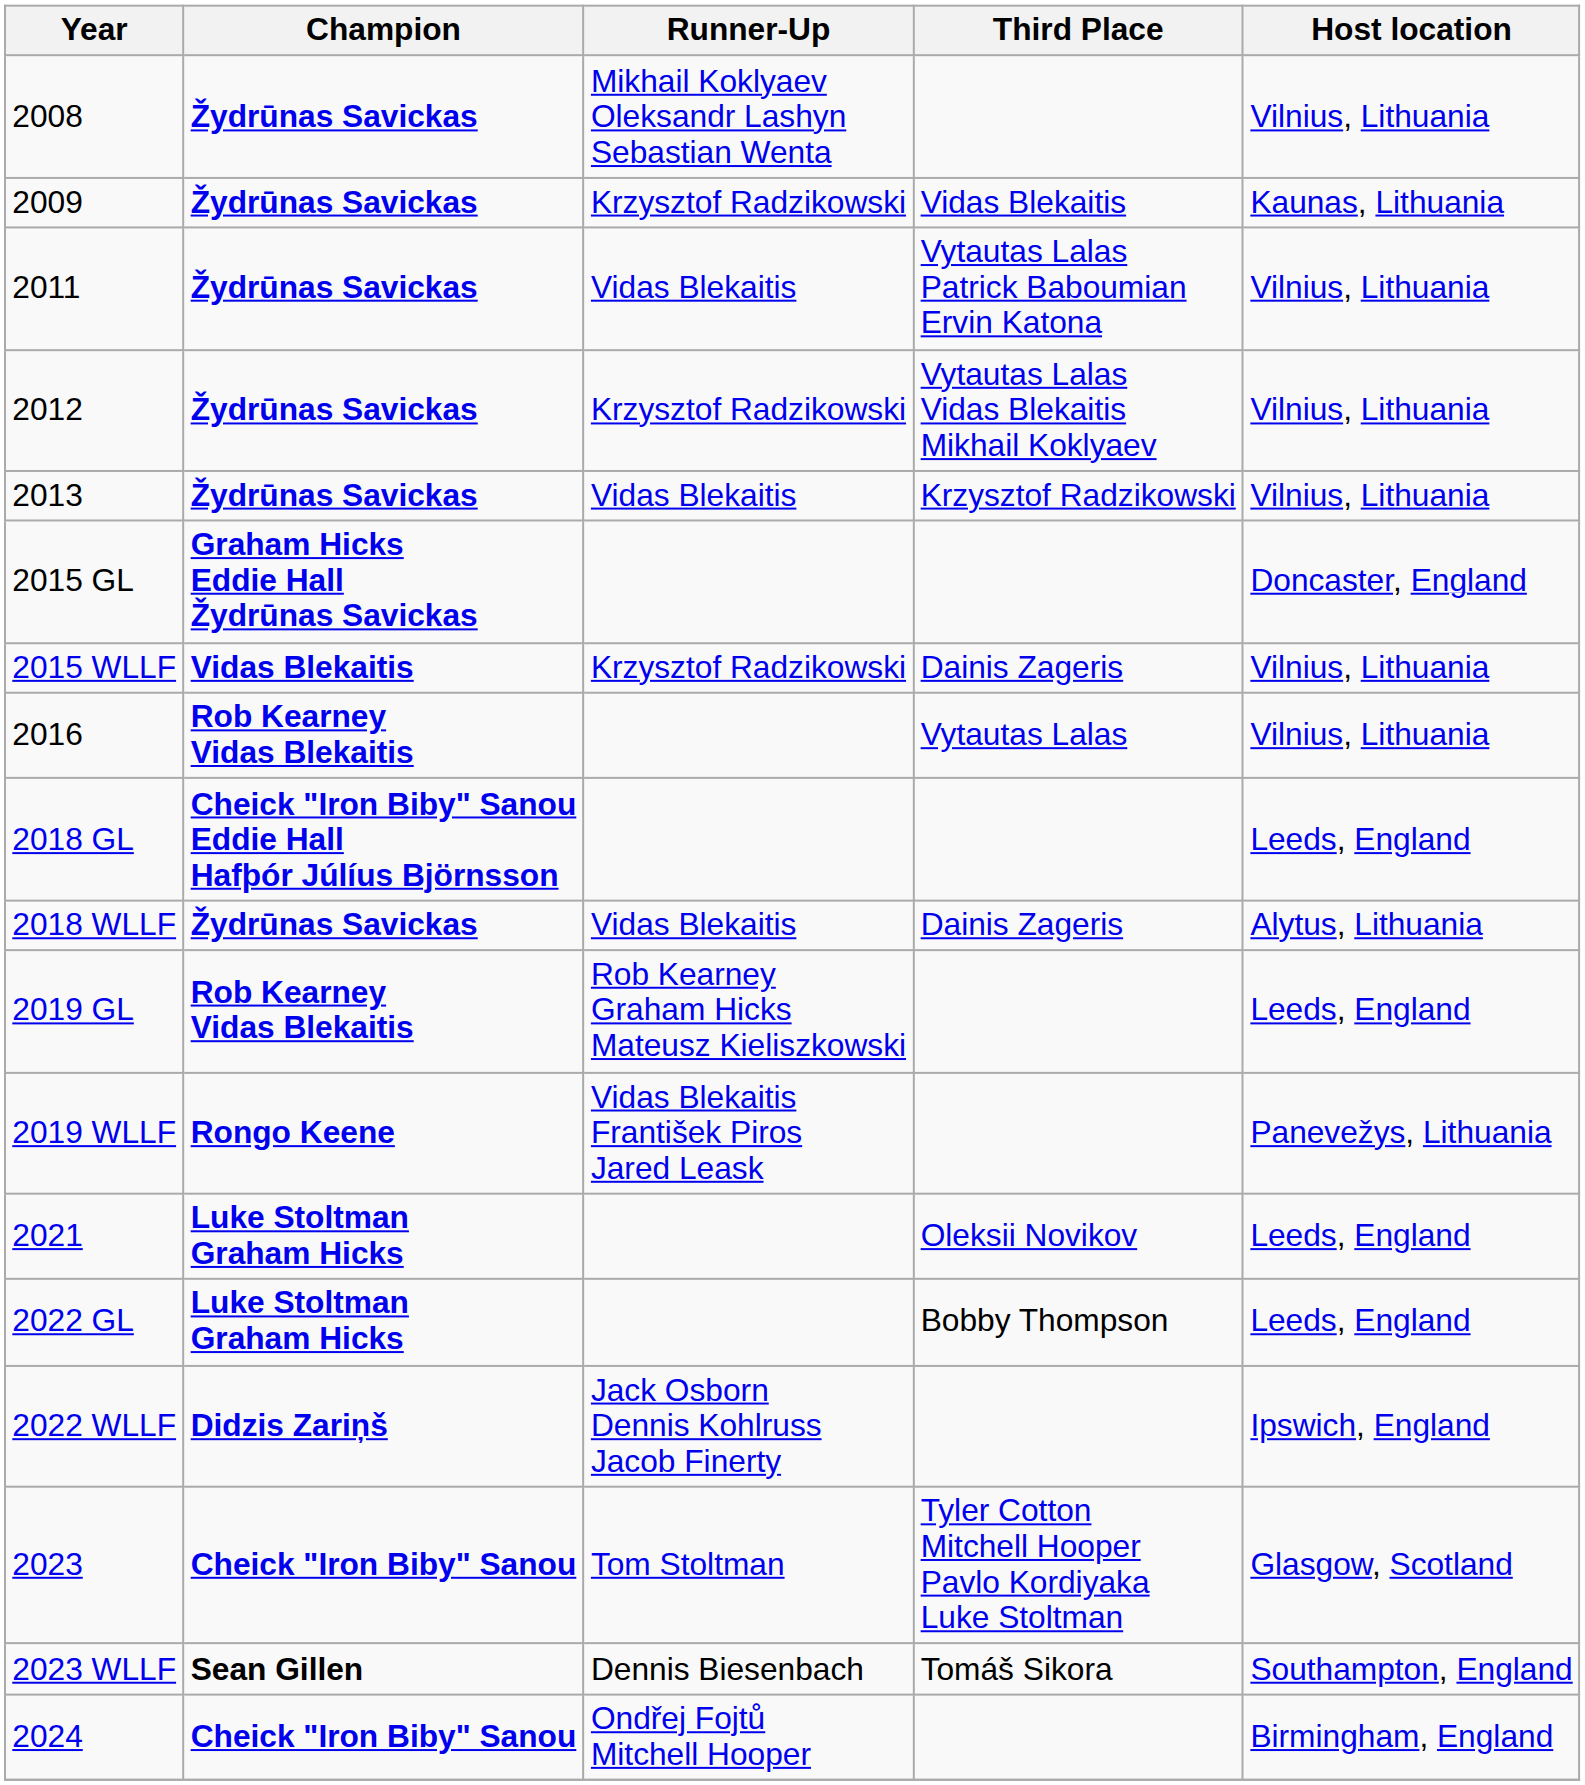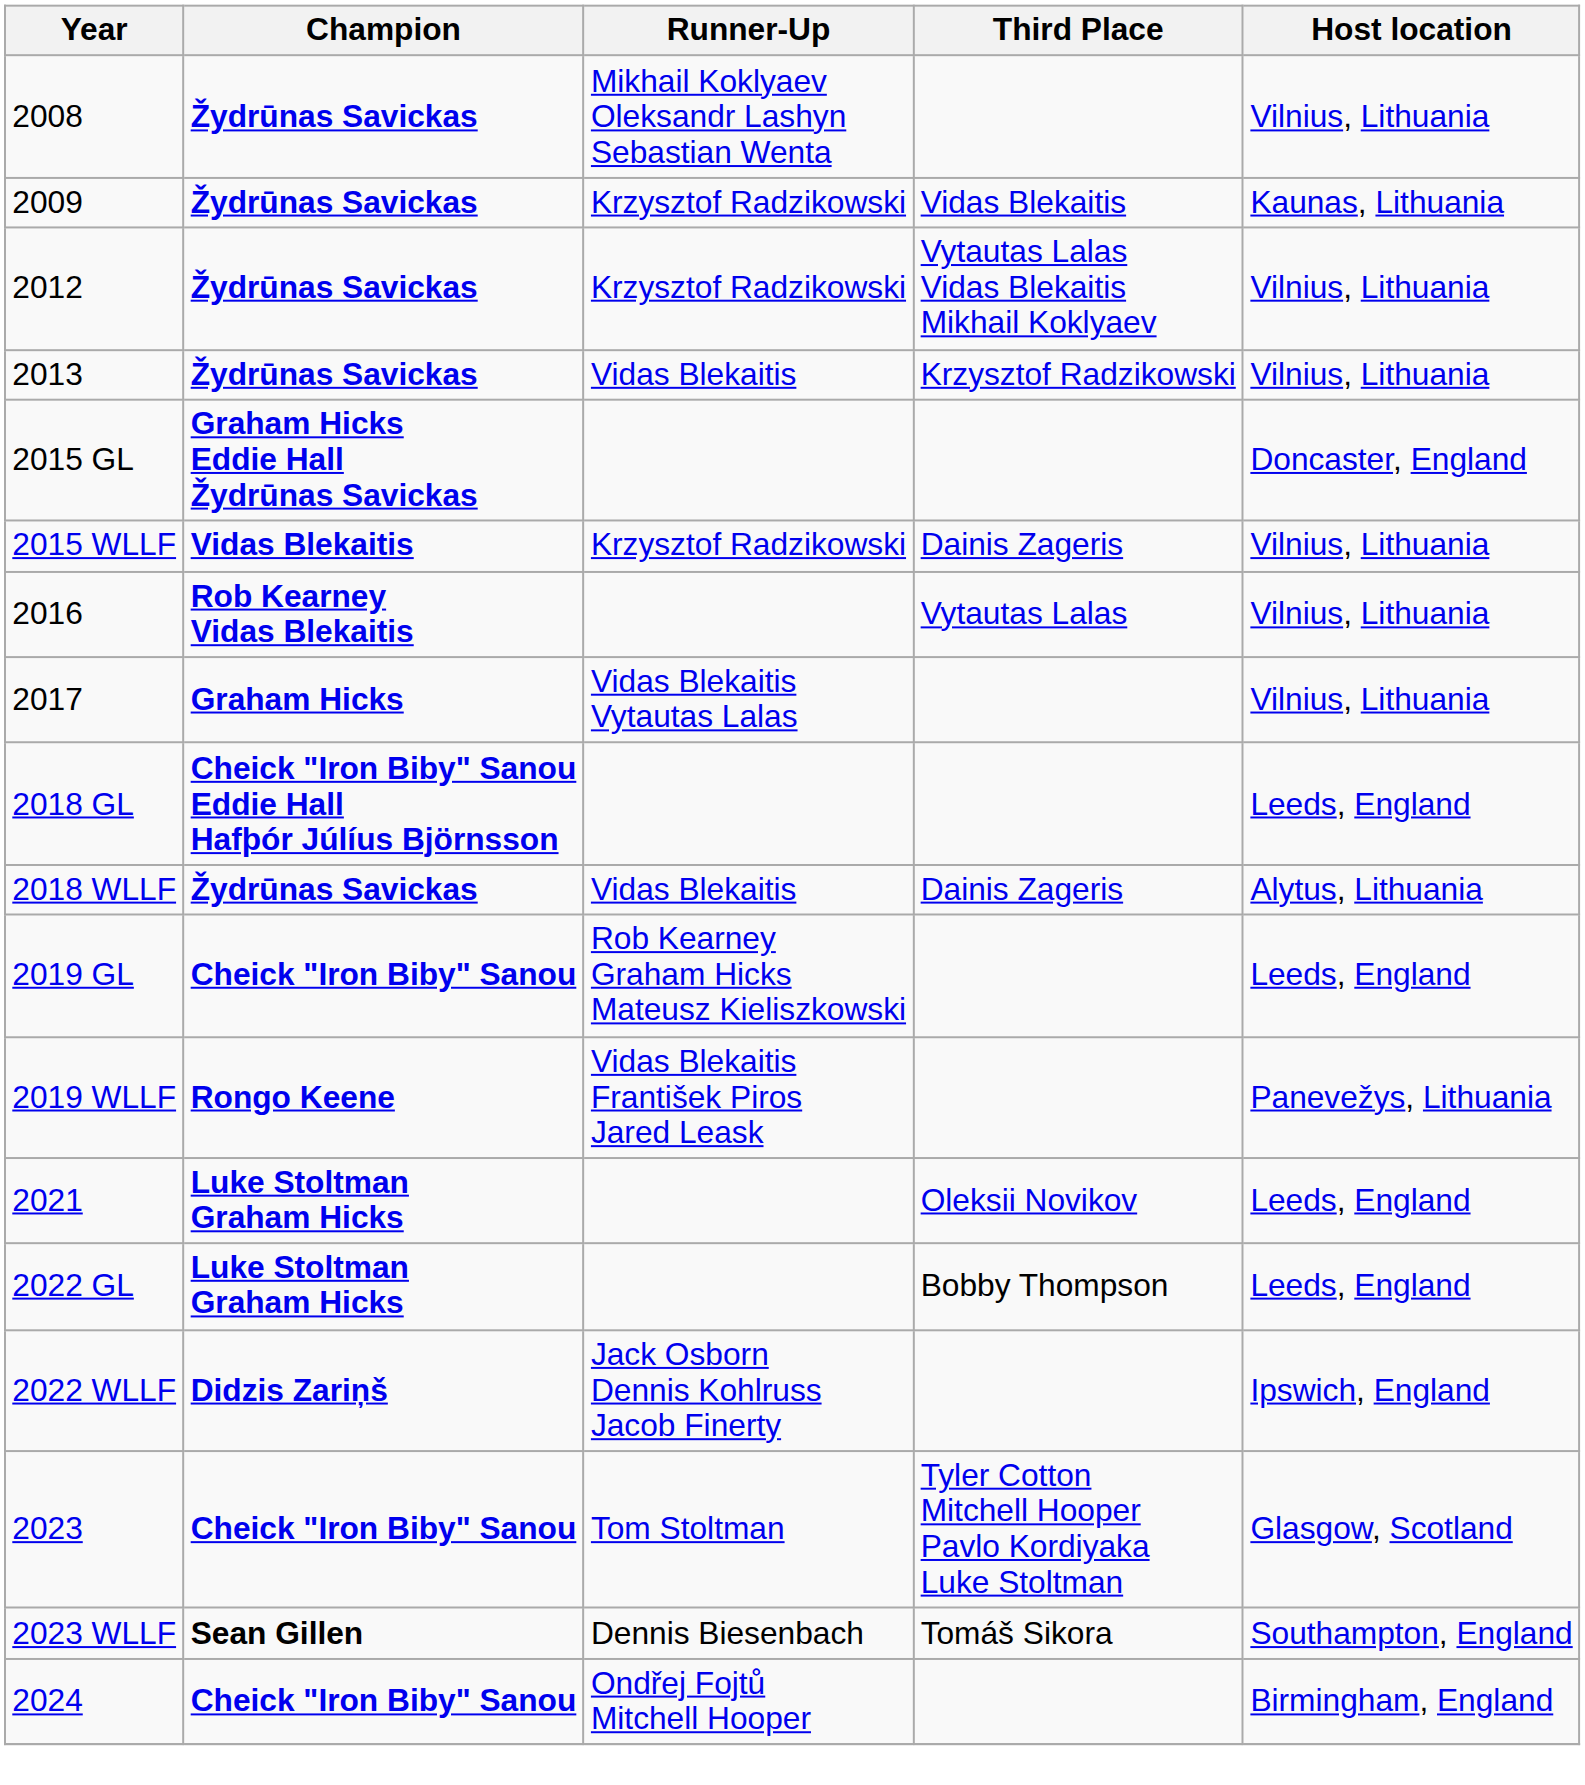 <table class="wikitable" style="display: inline-table">
 <tr>
 <th>Year</th>
 <th>Champion</th>
 <th>Runner-Up</th>
 <th>Third Place</th>
 <th>Host location</th>
 </tr>
 <tr>
 <td>2008</td>
 <td> <strong><a href='#'>Žydrūnas Savickas</a></strong></td>
 <td> <a href='#'>Mikhail Koklyaev</a><br> <a href='#'>Oleksandr Lashyn</a><br> <a href='#'>Sebastian Wenta</a></td>
 <td></td>
 <td> <a href='#'>Vilnius</a>, <a href='#'>Lithuania</a></td>
 </tr>
 <tr>
 <td>2009</td>
 <td> <strong><a href='#'>Žydrūnas Savickas</a></strong></td>
 <td> <a href='#'>Krzysztof Radzikowski</a></td>
 <td> <a href='#'>Vidas Blekaitis</a></td>
 <td> <a href='#'>Kaunas</a>, <a href='#'>Lithuania</a></td>
-</tr>
-<tr>
-<td>2011</td>
-<td> <strong><a href='#'>Žydrūnas Savickas</a></strong></td>
-<td> <a href='#'>Vidas Blekaitis</a></td>
-<td> <a href='#'>Vytautas Lalas</a><br> <a href='#'>Patrick Baboumian</a><br> <a href='#'>Ervin Katona</a></td>
-<td> <a href='#'>Vilnius</a>, <a href='#'>Lithuania</a></td>
 </tr>
 <tr>
 <td>2012</td>
 <td> <strong><a href='#'>Žydrūnas Savickas</a></strong></td>
 <td> <a href='#'>Krzysztof Radzikowski</a></td>
 <td> <a href='#'>Vytautas Lalas</a><br> <a href='#'>Vidas Blekaitis</a><br> <a href='#'>Mikhail Koklyaev</a></td>
 <td> <a href='#'>Vilnius</a>, <a href='#'>Lithuania</a></td>
 </tr>
 <tr>
 <td>2013</td>
 <td> <strong><a href='#'>Žydrūnas Savickas</a></strong></td>
 <td> <a href='#'>Vidas Blekaitis</a></td>
 <td> <a href='#'>Krzysztof Radzikowski</a></td>
 <td> <a href='#'>Vilnius</a>, <a href='#'>Lithuania</a></td>
 </tr>
 <tr>
 <td>2015 GL</td>
 <td> <strong><a href='#'>Graham Hicks</a></strong><br> <strong><a href='#'>Eddie Hall</a></strong><br> <strong><a href='#'>Žydrūnas Savickas</a></strong></td>
 <td></td>
 <td></td>
 <td> <a href='#'>Doncaster</a>, <a href='#'>England</a></td>
 </tr>
 <tr>
 <td><a href='#'>2015 WLLF</a></td>
 <td> <strong><a href='#'>Vidas Blekaitis</a></strong></td>
 <td> <a href='#'>Krzysztof Radzikowski</a></td>
 <td> <a href='#'>Dainis Zageris</a></td>
 <td> <a href='#'>Vilnius</a>, <a href='#'>Lithuania</a></td>
 </tr>
 <tr>
 <td>2016</td>
 <td> <strong><a href='#'>Rob Kearney</a></strong><br> <strong><a href='#'>Vidas Blekaitis</a></strong></td>
 <td></td>
 <td> <a href='#'>Vytautas Lalas</a></td>
 <td> <a href='#'>Vilnius</a>, <a href='#'>Lithuania</a></td>
 </tr>
 <tr>
+<td>2017</td>
+<td> <strong><a href='#'>Graham Hicks</a></strong></td>
+<td> <a href='#'>Vidas Blekaitis</a><br> <a href='#'>Vytautas Lalas</a></td>
+<td></td>
+<td> <a href='#'>Vilnius</a>, <a href='#'>Lithuania</a></td>
+</tr>
+<tr>
 <td><a href='#'>2018 GL</a></td>
 <td> <strong><a href='#'>Cheick "Iron Biby" Sanou</a></strong> <br>  <strong><a href='#'>Eddie Hall</a></strong> <br>  <strong><a href='#'>Hafþór Júlíus Björnsson</a></strong></td>
 <td></td>
 <td></td>
 <td> <a href='#'>Leeds</a>, <a href='#'>England</a></td>
 </tr>
 <tr>
 <td><a href='#'>2018 WLLF</a></td>
 <td> <strong><a href='#'>Žydrūnas Savickas</a></strong></td>
 <td> <a href='#'>Vidas Blekaitis</a></td>
 <td> <a href='#'>Dainis Zageris</a></td>
 <td> <a href='#'>Alytus</a>, <a href='#'>Lithuania</a></td>
 </tr>
 <tr>
 <td><a href='#'>2019 GL</a></td>
-<td> <strong><a href='#'>Rob Kearney</a></strong><br> <strong><a href='#'>Vidas Blekaitis</a></strong></td>
+<td> <strong><a href='#'>Cheick "Iron Biby" Sanou</a></strong></td>
 <td> <a href='#'>Rob Kearney</a><br> <a href='#'>Graham Hicks</a><br> <a href='#'>Mateusz Kieliszkowski</a></td>
 <td></td>
 <td> <a href='#'>Leeds</a>, <a href='#'>England</a></td>
 </tr>
 <tr>
 <td><a href='#'>2019 WLLF</a></td>
 <td> <strong><a href='#'>Rongo Keene</a></strong></td>
 <td> <a href='#'>Vidas Blekaitis</a><br> <a href='#'>František Piros</a><br> <a href='#'>Jared Leask</a></td>
 <td></td>
 <td> <a href='#'>Panevežys</a>, <a href='#'>Lithuania</a></td>
 </tr>
 <tr>
 <td><a href='#'>2021</a></td>
 <td> <strong><a href='#'>Luke Stoltman</a></strong><br> <strong><a href='#'>Graham Hicks</a></strong></td>
 <td></td>
 <td> <a href='#'>Oleksii Novikov</a></td>
 <td> <a href='#'>Leeds</a>, <a href='#'>England</a></td>
 </tr>
 <tr>
 <td><a href='#'>2022 GL</a></td>
 <td> <strong><a href='#'>Luke Stoltman</a></strong><br> <strong><a href='#'>Graham Hicks</a></strong></td>
 <td></td>
 <td> Bobby Thompson</td>
 <td> <a href='#'>Leeds</a>, <a href='#'>England</a></td>
 </tr>
 <tr>
 <td><a href='#'>2022 WLLF</a></td>
 <td> <strong><a href='#'>Didzis Zariņš</a></strong></td>
 <td> <a href='#'>Jack Osborn</a> <br>  <a href='#'>Dennis Kohlruss</a> <br>  <a href='#'>Jacob Finerty</a></td>
 <td></td>
 <td> <a href='#'>Ipswich</a>, <a href='#'>England</a></td>
 </tr>
 <tr>
 <td><a href='#'>2023</a></td>
 <td> <strong><a href='#'>Cheick "Iron Biby" Sanou</a></strong></td>
 <td> <a href='#'>Tom Stoltman</a></td>
 <td> <a href='#'>Tyler Cotton</a> <br>  <a href='#'>Mitchell Hooper</a> <br>  <a href='#'>Pavlo Kordiyaka</a> <br>  <a href='#'>Luke Stoltman</a></td>
 <td> <a href='#'>Glasgow</a>, <a href='#'>Scotland</a></td>
 </tr>
 <tr>
 <td><a href='#'>2023 WLLF</a></td>
 <td> <strong>Sean Gillen</strong></td>
 <td> Dennis Biesenbach</td>
 <td> Tomáš Sikora</td>
 <td> <a href='#'>Southampton</a>, <a href='#'>England</a></td>
 </tr>
 <tr>
 <td><a href='#'>2024</a></td>
 <td> <strong><a href='#'>Cheick "Iron Biby" Sanou</a></strong></td>
 <td> <a href='#'>Ondřej Fojtů</a> <br>  <a href='#'>Mitchell Hooper</a></td>
 <td></td>
 <td> <a href='#'>Birmingham</a>, <a href='#'>England</a></td>
 </tr>
 <tr>
 </tr>
 </table>
